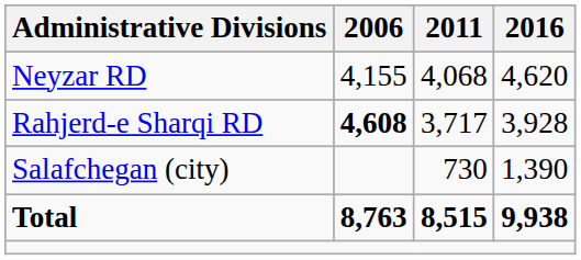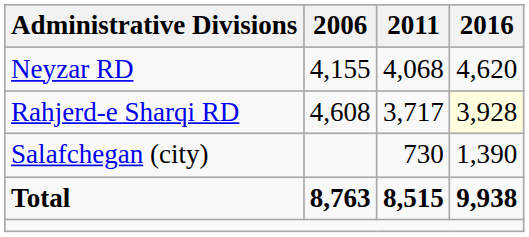 <table class="wikitable">
 <tr>
 <th>Administrative Divisions</th>
 <th>2006</th>
 <th>2011</th>
 <th>2016</th>
 </tr>
 <tr>
 <td><a href='#'>Neyzar RD</a></td>
 <td style="text-align: right;">4,155</td>
 <td style="text-align: right;">4,068</td>
 <td style="text-align: right;">4,620</td>
 </tr>
 <tr>
 <td><a href='#'>Rahjerd-e Sharqi RD</a></td>
-<td style="text-align: right;"><strong>4,608</strong></td>
+<td style="text-align: right;">4,608</td>
 <td style="text-align: right;">3,717</td>
-<td style="text-align: right;">3,928</td>
+<td style="background: lightyellow; text-align: right;">3,928</td>
 </tr>
 <tr>
 <td><a href='#'>Salafchegan</a> (city)</td>
 <td style="text-align: right;"></td>
 <td style="text-align: right;">730</td>
 <td style="text-align: right;">1,390</td>
 </tr>
 <tr>
 <td><strong>Total</strong></td>
 <td style="text-align: right;"><strong>8,763</strong></td>
 <td style="text-align: right;"><strong>8,515</strong></td>
 <td style="text-align: right;"><strong>9,938</strong></td>
 </tr>
 <tr>
 <td colspan=4></td>
 </tr>
 </table>
